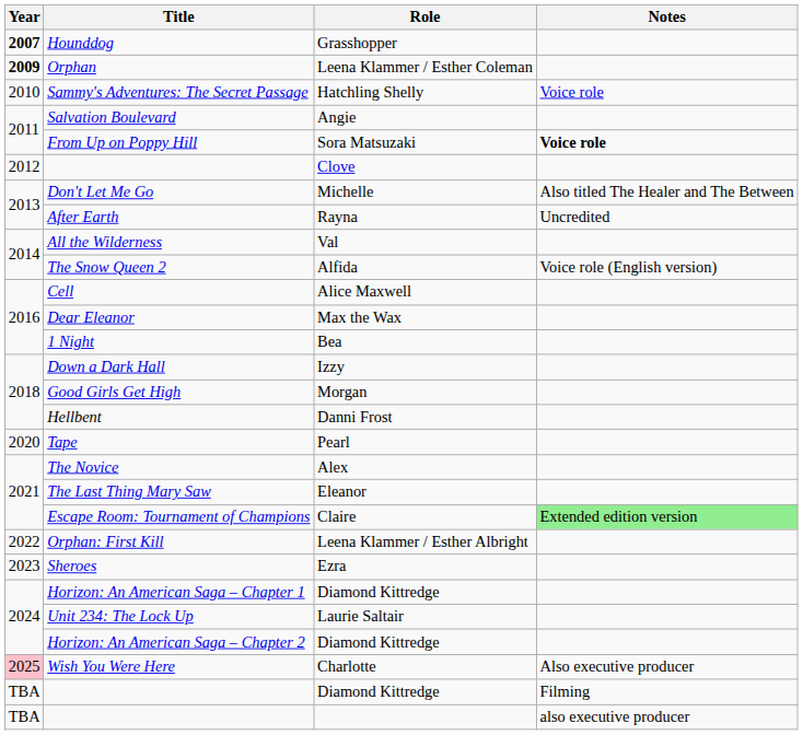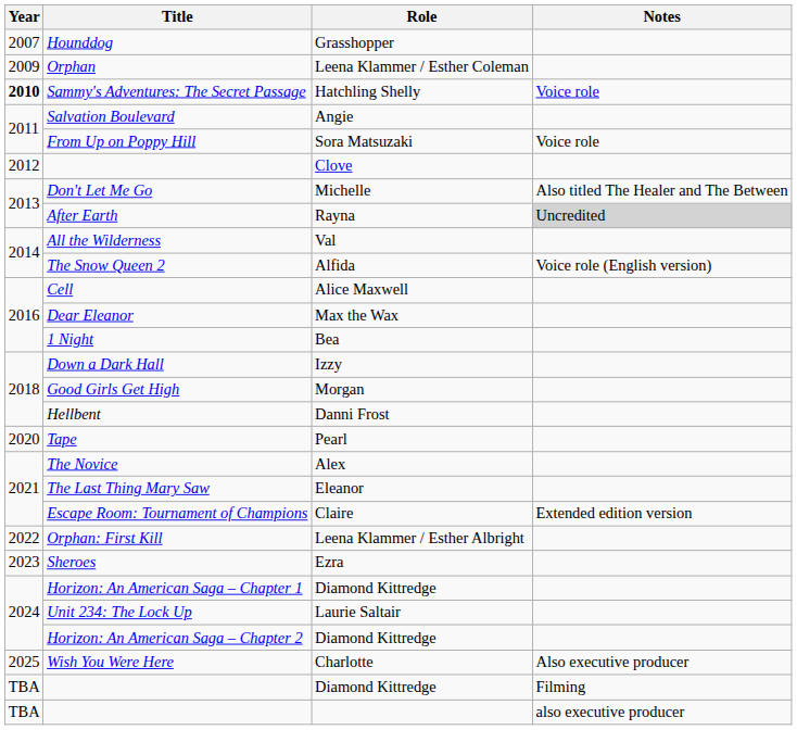 <table class="wikitable sortable">
 <tr>
 <th>Year</th>
 <th>Title</th>
 <th>Role</th>
 <th class="unsortable">Notes</th>
 </tr>
 <tr>
-<td><strong>2007</strong></td>
+<td>2007</td>
 <td><em><a href='#'>Hounddog</a></em></td>
 <td>Grasshopper</td>
 <td></td>
 </tr>
 <tr>
-<td><strong>2009</strong></td>
+<td>2009</td>
 <td><em><a href='#'>Orphan</a></em></td>
 <td>Leena Klammer / Esther Coleman</td>
 <td></td>
 </tr>
 <tr>
-<td>2010</td>
+<td><strong>2010</strong></td>
 <td><em><a href='#'>Sammy's Adventures: The Secret Passage</a></em></td>
 <td>Hatchling Shelly</td>
 <td><a href='#'>Voice role</a></td>
 </tr>
 <tr>
 <td rowspan=2>2011</td>
 <td><em><a href='#'>Salvation Boulevard</a></em></td>
 <td>Angie</td>
 <td></td>
 </tr>
 <tr>
 <td><em><a href='#'>From Up on Poppy Hill</a></em></td>
 <td>Sora Matsuzaki</td>
-<td><strong>Voice role</strong></td>
+<td>Voice role</td>
 </tr>
 <tr>
 <td>2012</td>
 <td><em></em></td>
 <td><a href='#'>Clove</a></td>
 <td></td>
 </tr>
 <tr>
 <td rowspan=2>2013</td>
 <td><em><a href='#'>Don't Let Me Go</a></em></td>
 <td>Michelle</td>
 <td>Also titled The Healer and The Between</td>
 </tr>
 <tr>
 <td><em><a href='#'>After Earth</a></em></td>
 <td>Rayna</td>
-<td>Uncredited</td>
+<td style="background: lightgrey;">Uncredited</td>
 </tr>
 <tr>
 <td rowspan=2>2014</td>
 <td><em><a href='#'>All the Wilderness</a></em></td>
 <td>Val</td>
 <td></td>
 </tr>
 <tr>
 <td><em><a href='#'>The Snow Queen 2</a></em></td>
 <td>Alfida</td>
 <td>Voice role (English version)</td>
 </tr>
 <tr>
 <td rowspan=3>2016</td>
 <td><em><a href='#'>Cell</a></em></td>
 <td>Alice Maxwell</td>
 <td></td>
 </tr>
 <tr>
 <td><em><a href='#'>Dear Eleanor</a></em></td>
 <td>Max the Wax</td>
 <td></td>
 </tr>
 <tr>
 <td><em><a href='#'>1 Night</a></em></td>
 <td>Bea</td>
 <td></td>
 </tr>
 <tr>
 <td rowspan=3>2018</td>
 <td><em><a href='#'>Down a Dark Hall</a></em></td>
 <td>Izzy</td>
 <td></td>
 </tr>
 <tr>
 <td><em><a href='#'>Good Girls Get High</a></em></td>
 <td>Morgan</td>
 <td></td>
 </tr>
 <tr>
 <td><em>Hellbent</em></td>
 <td>Danni Frost</td>
 <td></td>
 </tr>
 <tr>
 <td>2020</td>
 <td><em><a href='#'>Tape</a></em></td>
 <td>Pearl</td>
 <td></td>
 </tr>
 <tr>
 <td rowspan=3>2021</td>
 <td><em><a href='#'>The Novice</a></em></td>
 <td>Alex</td>
 <td></td>
 </tr>
 <tr>
 <td><em><a href='#'>The Last Thing Mary Saw</a></em></td>
 <td>Eleanor</td>
 <td></td>
 </tr>
 <tr>
 <td><em><a href='#'>Escape Room: Tournament of Champions</a></em></td>
 <td>Claire</td>
-<td style="background: lightgreen;">Extended edition version</td>
+<td>Extended edition version</td>
 </tr>
 <tr>
 <td>2022</td>
 <td><em><a href='#'>Orphan: First Kill</a></em></td>
 <td>Leena Klammer / Esther Albright</td>
 <td></td>
 </tr>
 <tr>
 <td>2023</td>
 <td><em><a href='#'>Sheroes</a></em></td>
 <td>Ezra</td>
 <td></td>
 </tr>
 <tr>
 <td rowspan="3">2024</td>
 <td><em><a href='#'>Horizon: An American Saga – Chapter 1</a></em></td>
 <td>Diamond Kittredge</td>
 <td></td>
 </tr>
 <tr>
 <td><em><a href='#'>Unit 234: The Lock Up</a></em></td>
 <td>Laurie Saltair</td>
 <td></td>
 </tr>
 <tr>
 <td><em><a href='#'>Horizon: An American Saga – Chapter 2</a></em></td>
 <td>Diamond Kittredge</td>
 <td></td>
 </tr>
 <tr>
-<td style="background: pink;">2025</td>
+<td>2025</td>
 <td><em><a href='#'>Wish You Were Here</a></em></td>
 <td>Charlotte</td>
 <td>Also executive producer</td>
 </tr>
 <tr>
 <td>TBA</td>
 <td></td>
 <td>Diamond Kittredge</td>
 <td>Filming</td>
 </tr>
 <tr>
 <td>TBA</td>
 <td></td>
 <td></td>
 <td>also executive producer</td>
 </tr>
 </table>
